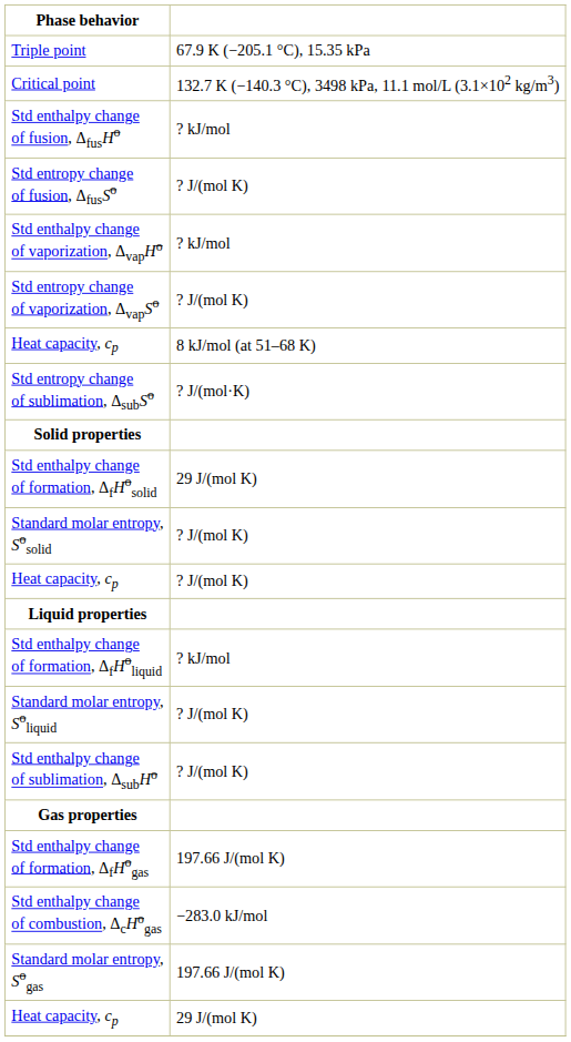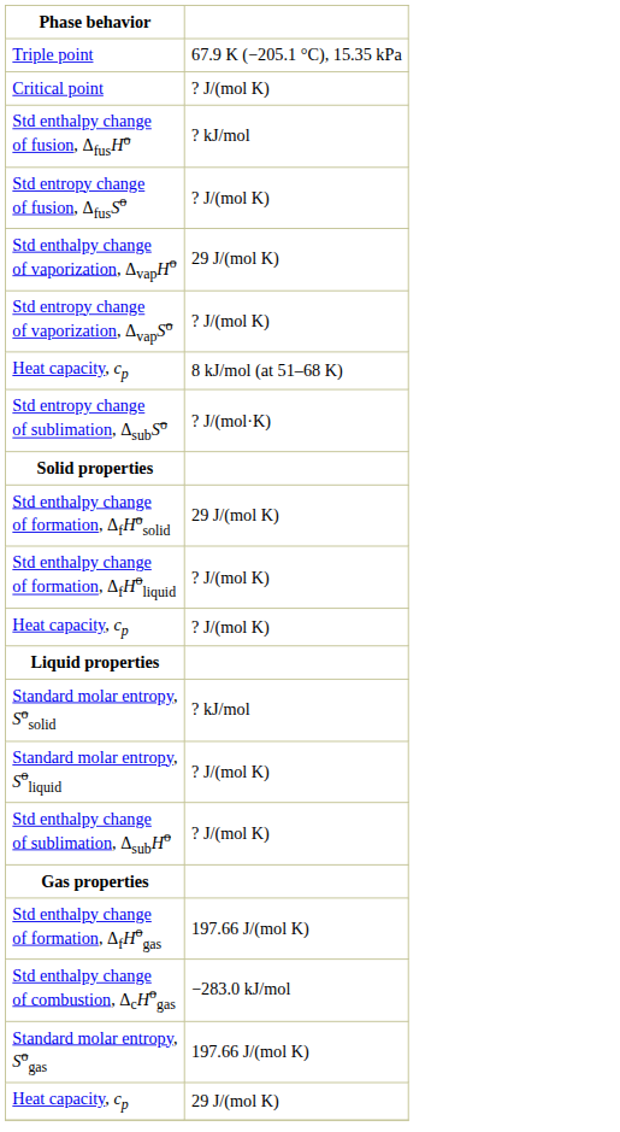 <table border="1" cellspacing="0" cellpadding="6" style="margin: 0 0 0 0.5em; background: #FFFFFF; border-collapse: collapse; border-color: #C0C090;">
 <tr>
 <th>Phase behavior</th>
 </tr>
 <tr>
 <td><a href='#'>Triple point</a></td>
 <td>67.9 K (−205.1 °C), 15.35 kPa</td>
 </tr>
 <tr>
 <td><a href='#'>Critical point</a></td>
-<td>132.7 K (−140.3 °C), 3498 kPa, 11.1 mol/L (3.1×10<sup>2</sup> kg/m<sup>3</sup>)</td>
+<td>? J/(mol K)</td>
 </tr>
 <tr>
 <td><a href='#'>Std enthalpy change<br>of fusion</a>, Δ<sub>fus</sub><em>H</em><sup><s>o</s></sup></td>
 <td>? kJ/mol</td>
 </tr>
 <tr>
 <td><a href='#'>Std entropy change<br>of fusion</a>, Δ<sub>fus</sub><em>S</em><sup><s>o</s></sup></td>
 <td>? J/(mol K)</td>
 </tr>
 <tr>
 <td><a href='#'>Std enthalpy change<br>of vaporization</a>, Δ<sub>vap</sub><em>H</em><sup><s>o</s></sup></td>
-<td>? kJ/mol</td>
+<td>29 J/(mol K)</td>
 </tr>
 <tr>
 <td><a href='#'>Std entropy change<br>of vaporization</a>, Δ<sub>vap</sub><em>S</em><sup><s>o</s></sup></td>
 <td>? J/(mol K)</td>
 </tr>
 <tr>
 <td><a href='#'>Heat capacity</a>, <em>c<sub>p</sub></em></td>
 <td>8 kJ/mol (at 51–68 K)</td>
 </tr>
 <tr>
 <td><a href='#'>Std entropy change<br>of sublimation</a>, Δ<sub>sub</sub><em>S</em><sup><s>o</s></sup></td>
 <td>? J/(mol·K)</td>
 </tr>
 <tr>
 <th>Solid properties</th>
 </tr>
 <tr>
 <td><a href='#'>Std enthalpy change<br>of formation</a>, Δ<sub>f</sub><em>H</em><sup><s>o</s></sup><sub>solid</sub></td>
 <td>29 J/(mol K)</td>
 </tr>
 <tr>
-<td><a href='#'>Standard molar entropy</a>,<br><em>S</em><sup><s>o</s></sup><sub>solid</sub></td>
+<td><a href='#'>Std enthalpy change<br>of formation</a>, Δ<sub>f</sub><em>H</em><sup><s>o</s></sup><sub>liquid</sub></td>
 <td>? J/(mol K)</td>
 </tr>
 <tr>
 <td><a href='#'>Heat capacity</a>, <em>c<sub>p</sub></em></td>
 <td>? J/(mol K)</td>
 </tr>
 <tr>
 <th>Liquid properties</th>
 </tr>
 <tr>
-<td><a href='#'>Std enthalpy change<br>of formation</a>, Δ<sub>f</sub><em>H</em><sup><s>o</s></sup><sub>liquid</sub></td>
+<td><a href='#'>Standard molar entropy</a>,<br><em>S</em><sup><s>o</s></sup><sub>solid</sub></td>
 <td>? kJ/mol</td>
 </tr>
 <tr>
 <td><a href='#'>Standard molar entropy</a>,<br><em>S</em><sup><s>o</s></sup><sub>liquid</sub></td>
 <td>? J/(mol K)</td>
 </tr>
 <tr>
 <td><a href='#'>Std enthalpy change<br>of sublimation</a>, Δ<sub>sub</sub><em>H</em><sup><s>o</s></sup></td>
 <td>? J/(mol K)</td>
 </tr>
 <tr>
 <th>Gas properties</th>
 </tr>
 <tr>
 <td><a href='#'>Std enthalpy change<br>of formation</a>, Δ<sub>f</sub><em>H</em><sup><s>o</s></sup><sub>gas</sub></td>
 <td>197.66 J/(mol K)</td>
 </tr>
 <tr>
 <td><a href='#'>Std enthalpy change<br>of combustion</a>, Δ<sub>c</sub><em>H</em><sup><s>o</s></sup><sub>gas</sub></td>
 <td>−283.0 kJ/mol</td>
 </tr>
 <tr>
 <td><a href='#'>Standard molar entropy</a>,<br><em>S</em><sup><s>o</s></sup><sub>gas</sub></td>
 <td>197.66 J/(mol K)</td>
 </tr>
 <tr>
 <td><a href='#'>Heat capacity</a>, <em>c<sub>p</sub></em></td>
 <td>29 J/(mol K)</td>
 </tr>
 <tr>
 </tr>
 </table>
